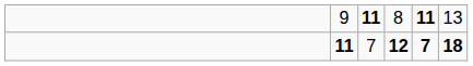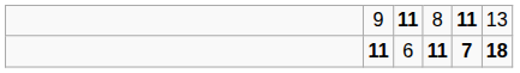 <table class="wikitable">
 <tr>
 <td style="width:18em"></td>
 <td align=center style="width:1em">9</td>
 <td align=center style="width:1em"><strong>11</strong></td>
 <td align=center style="width:1em">8</td>
 <td align=center style="width:1em"><strong>11</strong></td>
 <td align=center style="width:1em">13</td>
 </tr>
 <tr>
 <td style="width:18em"><strong></strong></td>
 <td align=center style="width:1em"><strong>11</strong></td>
-<td align=center style="width:1em">7</td>
-<td align=center style="width:1em"><strong>12</strong></td>
+<td align=center style="width:1em">6</td>
+<td align=center style="width:1em"><strong>11</strong></td>
 <td align=center style="width:1em"><strong>7</strong></td>
 <td align=center style="width:1em"><strong>18</strong></td>
 </tr>
 </table>
